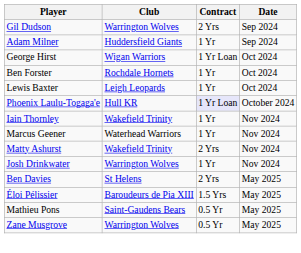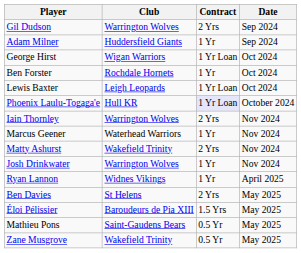 <table class="wikitable">
 <tr>
 <th>Player</th>
 <th>Club</th>
 <th>Contract</th>
 <th>Date</th>
 </tr>
 <tr>
 <td><a href='#'>Gil Dudson</a></td>
 <td><a href='#'>Warrington Wolves</a></td>
 <td>2 Yrs</td>
 <td>Sep 2024</td>
 </tr>
 <tr>
 <td><a href='#'>Adam Milner</a></td>
 <td><a href='#'>Huddersfield Giants</a></td>
 <td>1 Yr</td>
 <td>Sep 2024</td>
 </tr>
 <tr>
 <td>George Hirst</td>
 <td><a href='#'>Wigan Warriors</a></td>
 <td>1 Yr Loan</td>
 <td>Oct 2024</td>
 </tr>
 <tr>
 <td>Ben Forster</td>
 <td><a href='#'>Rochdale Hornets</a></td>
 <td>1 Yr</td>
 <td>Oct 2024</td>
 </tr>
 <tr>
 <td>Lewis Baxter</td>
 <td><a href='#'>Leigh Leopards</a></td>
-<td>1 Yr</td>
+<td>1 Yr Loan</td>
 <td>Oct 2024</td>
 </tr>
 <tr>
 <td><a href='#'>Phoenix Laulu-Togaga'e</a></td>
 <td><a href='#'>Hull KR</a></td>
 <td style="background: lavender;">1 Yr Loan</td>
 <td>October 2024</td>
 </tr>
 <tr>
 <td><a href='#'>Iain Thornley</a></td>
-<td><a href='#'>Wakefield Trinity</a></td>
-<td>1 Yr</td>
+<td><a href='#'>Warrington Wolves</a></td>
+<td>2 Yrs</td>
 <td>Nov 2024</td>
 </tr>
 <tr>
 <td>Marcus Geener</td>
 <td>Waterhead Warriors</td>
 <td>1 Yr</td>
 <td>Nov 2024</td>
 </tr>
 <tr>
 <td><a href='#'>Matty Ashurst</a></td>
 <td><a href='#'>Wakefield Trinity</a></td>
 <td>2 Yrs</td>
 <td>Nov 2024</td>
 </tr>
 <tr>
 <td><a href='#'>Josh Drinkwater</a></td>
 <td><a href='#'>Warrington Wolves</a></td>
 <td>1 Yr</td>
 <td>Nov 2024</td>
 </tr>
 <tr>
+<td><a href='#'>Ryan Lannon</a></td>
+<td><a href='#'>Widnes Vikings</a></td>
+<td>1 Yr</td>
+<td>April 2025</td>
+</tr>
+<tr>
 <td><a href='#'>Ben Davies</a></td>
 <td><a href='#'>St Helens</a></td>
 <td>2 Yrs</td>
 <td>May 2025</td>
 </tr>
 <tr>
 <td><a href='#'>Éloi Pélissier</a></td>
 <td><a href='#'>Baroudeurs de Pia XIII</a></td>
 <td>1.5 Yrs</td>
 <td>May 2025</td>
 </tr>
 <tr>
 <td>Mathieu Pons</td>
 <td><a href='#'>Saint-Gaudens Bears</a></td>
 <td>0.5 Yr</td>
 <td>May 2025</td>
 </tr>
 <tr>
 <td><a href='#'>Zane Musgrove</a></td>
-<td><a href='#'>Warrington Wolves</a></td>
+<td><a href='#'>Wakefield Trinity</a></td>
 <td>0.5 Yr</td>
 <td>May 2025</td>
 </tr>
 </table>
